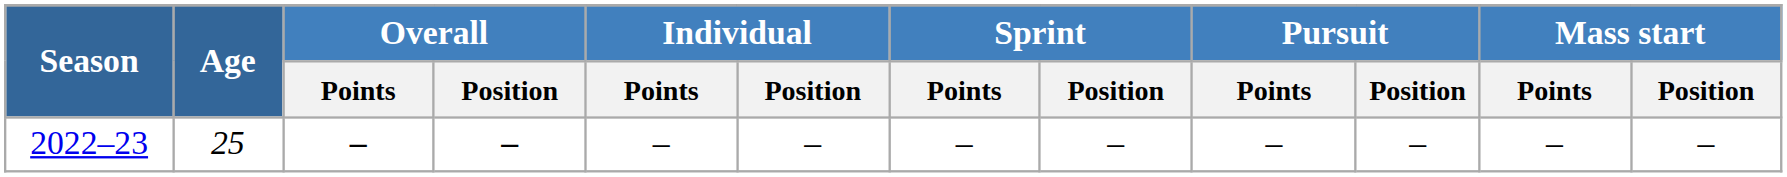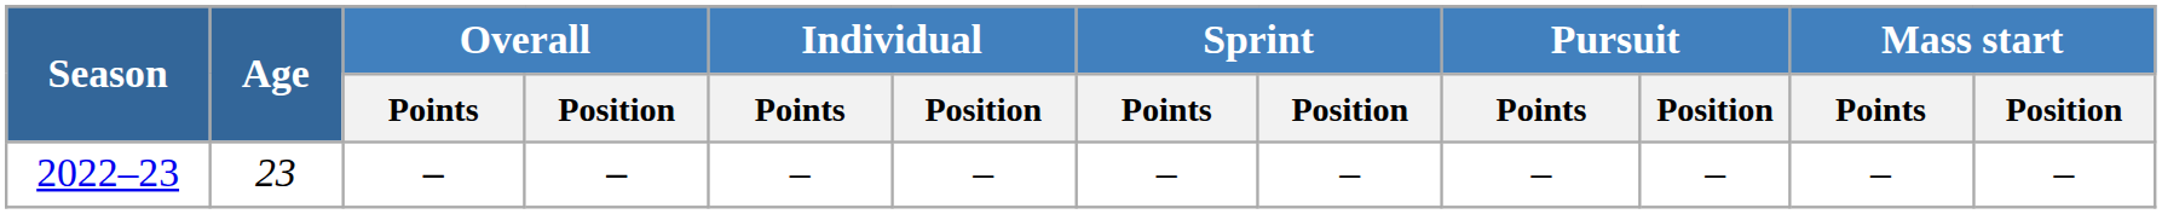 <table class="wikitable" style="font-size:90%; text-align:center; border:grey solid 1px; border-collapse:collapse; background:#ffffff;">
 <tr class="hintergrundfarbe5">
 </tr>
 <tr style="background:#efefef;">
 <th rowspan="2" style="background-color:#369; color:white; width:65px">Season</th>
 <th rowspan="2" style="background-color:#369; color:white; width:40px">Age</th>
 <th colspan="2" style="background-color:#4180be; color:white; width:116px;">Overall</th>
 <th colspan="2" style="background-color:#4180be; color:white; width:116px;">Individual</th>
 <th colspan="2" style="background-color:#4180be; color:white; width:116px;">Sprint</th>
 <th colspan="2" style="background-color:#4180be; color:white; width:116px;">Pursuit</th>
 <th colspan="2" style="background-color:#4180be; color:white; width:116px;">Mass start</th>
 </tr>
 <tr class="hintergrundfarbe5">
 <th style="width:58px;"><small>Points</small></th>
 <th style="width:58px;"><small>Position</small></th>
 <th style="width:58px;"><small>Points</small></th>
 <th style="width:58px;"><small>Position</small></th>
 <th style="width:58px;"><small>Points</small></th>
 <th style="width:58px;"><small>Position</small></th>
 <th style="width:58px;"><small>Points</small></th>
 <th style="width:5px;"><small>Position</small></th>
 <th style="width:58px;"><small>Points</small></th>
 <th style="width:58px;"><small>Position</small></th>
 </tr>
 <tr>
 <td><a href='#'>2022–23</a></td>
-<td><em>25</em></td>
+<td><em>23</em></td>
 <td><strong>–</strong></td>
 <td><strong>–</strong></td>
 <td>–</td>
 <td>–</td>
 <td>–</td>
 <td>–</td>
 <td>–</td>
 <td>–</td>
 <td>–</td>
 <td>–</td>
 </tr>
 </table>
